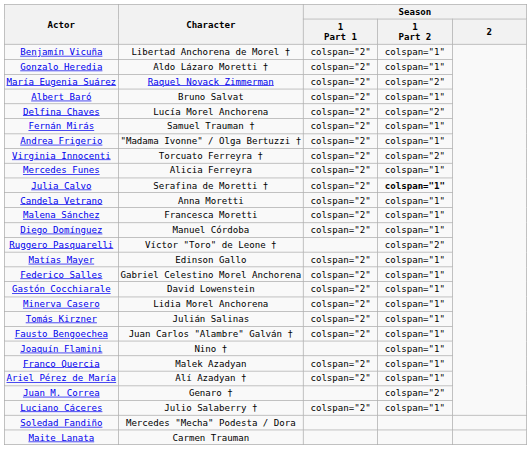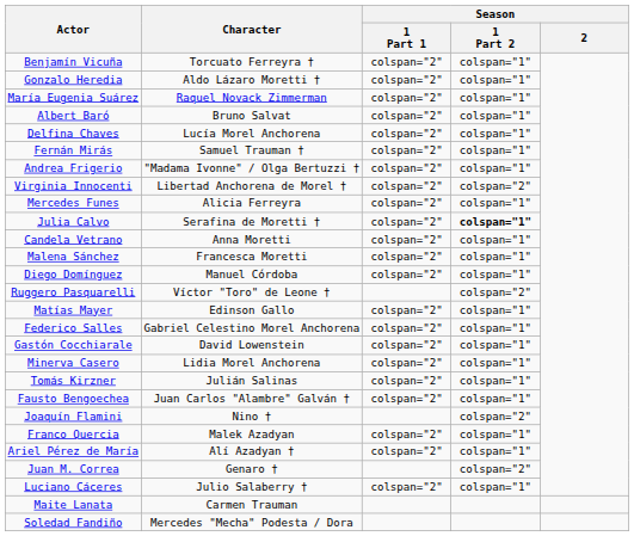 <table class="wikitable plainrowheaders" style="text-align:center;">
 <tr>
 <th scope="col" rowspan="2">Actor</th>
 <th scope="col" rowspan="2">Character</th>
 <th colspan="3" scope="col">Season</th>
 </tr>
 <tr>
 <th scope="col" style="width:100px;">1<br> Part 1</th>
 <th scope="col" style="width:100px;">1<br> Part 2</th>
 <th scope="col" style="width:100px;">2</th>
 </tr>
 <tr>
 <td><a href='#'>Benjamín Vicuña</a></td>
-<td>Libertad Anchorena de Morel  †</td>
+<td>Torcuato Ferreyra †</td>
 <td>colspan="2" </td>
 <td>colspan="1" </td>
 </tr>
 <tr>
 <td><a href='#'>Gonzalo Heredia</a></td>
 <td>Aldo Lázaro Moretti †</td>
 <td>colspan="2" </td>
 <td>colspan="1" </td>
 </tr>
 <tr>
 <td><a href='#'>María Eugenia Suárez</a></td>
 <td><a href='#'>Raquel Novack Zimmerman</a></td>
 <td>colspan="2" </td>
-<td>colspan="2" </td>
+<td>colspan="1" </td>
 </tr>
 <tr>
 <td><a href='#'>Albert Baró</a></td>
 <td>Bruno Salvat</td>
 <td>colspan="2" </td>
 <td>colspan="1" </td>
 </tr>
 <tr>
 <td><a href='#'>Delfina Chaves</a></td>
 <td>Lucía Morel Anchorena</td>
 <td>colspan="2" </td>
-<td>colspan="2" </td>
+<td>colspan="1" </td>
 </tr>
 <tr>
 <td><a href='#'>Fernán Mirás</a></td>
 <td>Samuel Trauman †</td>
 <td>colspan="2" </td>
 <td>colspan="1" </td>
 </tr>
 <tr>
 <td><a href='#'>Andrea Frigerio</a></td>
 <td>"Madama Ivonne" / Olga Bertuzzi †</td>
 <td>colspan="2" </td>
 <td>colspan="1" </td>
 </tr>
 <tr>
 <td><a href='#'>Virginia Innocenti</a></td>
-<td>Torcuato Ferreyra †</td>
+<td>Libertad Anchorena de Morel  †</td>
 <td>colspan="2" </td>
 <td>colspan="2" </td>
 </tr>
 <tr>
 <td><a href='#'>Mercedes Funes</a></td>
 <td>Alicia Ferreyra</td>
 <td>colspan="2" </td>
 <td>colspan="1" </td>
 </tr>
 <tr>
 <td><a href='#'>Julia Calvo</a></td>
 <td>Serafina de Moretti †</td>
 <td>colspan="2" </td>
 <td><strong>colspan="1" </strong></td>
 </tr>
 <tr>
 <td><a href='#'>Candela Vetrano</a></td>
 <td>Anna Moretti</td>
 <td>colspan="2" </td>
 <td>colspan="1" </td>
 </tr>
 <tr>
 <td><a href='#'>Malena Sánchez</a></td>
 <td>Francesca Moretti</td>
 <td>colspan="2" </td>
 <td>colspan="1" </td>
 </tr>
 <tr>
 <td><a href='#'>Diego Domínguez</a></td>
 <td>Manuel Córdoba</td>
 <td>colspan="2" </td>
 <td>colspan="1" </td>
 </tr>
 <tr>
 <td><a href='#'>Ruggero Pasquarelli</a></td>
 <td>Víctor "Toro" de Leone †</td>
 <td></td>
 <td>colspan="2" </td>
 </tr>
 <tr>
 <td><a href='#'>Matías Mayer</a></td>
 <td>Edinson Gallo</td>
 <td>colspan="2" </td>
 <td>colspan="1" </td>
 </tr>
 <tr>
 <td><a href='#'>Federico Salles</a></td>
 <td>Gabriel Celestino Morel Anchorena</td>
 <td>colspan="2" </td>
 <td>colspan="1" </td>
 </tr>
 <tr>
 <td><a href='#'>Gastón Cocchiarale</a></td>
 <td>David Lowenstein</td>
 <td>colspan="2" </td>
 <td>colspan="1" </td>
 </tr>
 <tr>
 <td><a href='#'>Minerva Casero</a></td>
 <td>Lidia Morel Anchorena</td>
 <td>colspan="2" </td>
 <td>colspan="1" </td>
 </tr>
 <tr>
 <td><a href='#'>Tomás Kirzner</a></td>
 <td>Julián Salinas</td>
 <td>colspan="2" </td>
 <td>colspan="1" </td>
 </tr>
 <tr>
 <td><a href='#'>Fausto Bengoechea</a></td>
 <td>Juan Carlos "Alambre" Galván †</td>
 <td>colspan="2" </td>
 <td>colspan="1" </td>
 </tr>
 <tr>
 <td><a href='#'>Joaquín Flamini</a></td>
 <td>Nino †</td>
 <td></td>
-<td>colspan="1" </td>
+<td>colspan="2" </td>
 </tr>
 <tr>
 <td><a href='#'>Franco Quercia</a></td>
 <td>Malek Azadyan</td>
 <td>colspan="2" </td>
 <td>colspan="1" </td>
 </tr>
 <tr>
 <td><a href='#'>Ariel Pérez de María</a></td>
 <td>Alí Azadyan †</td>
 <td>colspan="2" </td>
 <td>colspan="1" </td>
 </tr>
 <tr>
 <td><a href='#'>Juan M. Correa</a></td>
 <td>Genaro †</td>
 <td></td>
 <td>colspan="2" </td>
 </tr>
 <tr>
 <td><a href='#'>Luciano Cáceres</a></td>
 <td>Julio Salaberry †</td>
 <td>colspan="2" </td>
 <td>colspan="1" </td>
 </tr>
 <tr>
+<td><a href='#'>Maite Lanata</a></td>
+<td>Carmen Trauman</td>
+<td></td>
+<td></td>
+<td></td>
+</tr>
+<tr>
 <td><a href='#'>Soledad Fandiño</a></td>
 <td>Mercedes "Mecha" Podesta / Dora</td>
 <td></td>
 <td></td>
 <td></td>
 </tr>
-<tr>
-<td><a href='#'>Maite Lanata</a></td>
-<td>Carmen Trauman</td>
-<td></td>
-<td></td>
-<td></td>
-</tr>
 </table>
